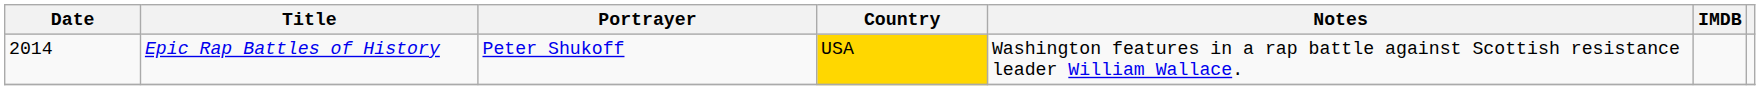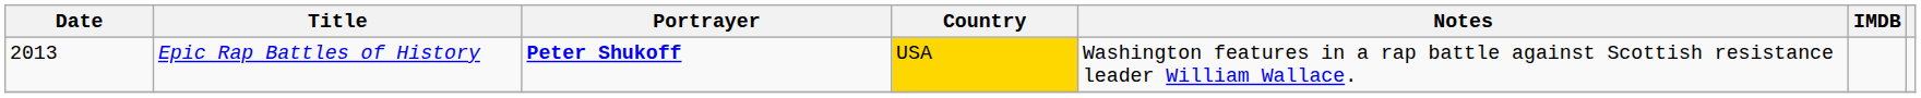 <table class="wikitable sortable">
 <tr>
 <th width="8%">Date</th>
 <th width="20%">Title</th>
 <th width="20%">Portrayer</th>
 <th width="10%">Country</th>
 <th width="53%">Notes</th>
 <th width="5%">IMDB</th>
 <th width="5%"></th>
 </tr>
 <tr valign="top">
-<td>2014</td>
+<td>2013</td>
 <td><em><a href='#'>Epic Rap Battles of History</a></em></td>
-<td><a href='#'>Peter Shukoff</a></td>
+<td><strong><a href='#'>Peter Shukoff</a></strong></td>
 <td style="background: gold;">USA</td>
 <td>Washington features in a rap battle against Scottish resistance leader <a href='#'>William Wallace</a>.</td>
 <td></td>
 <td></td>
 </tr>
 <tr valign="top">
 </tr>
 </table>
